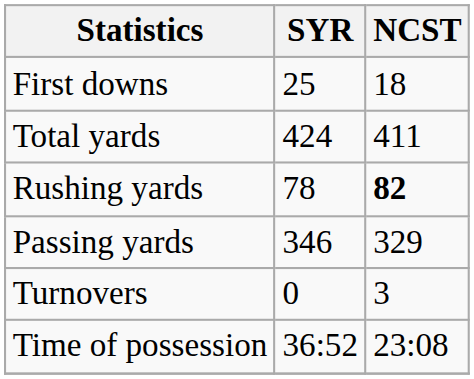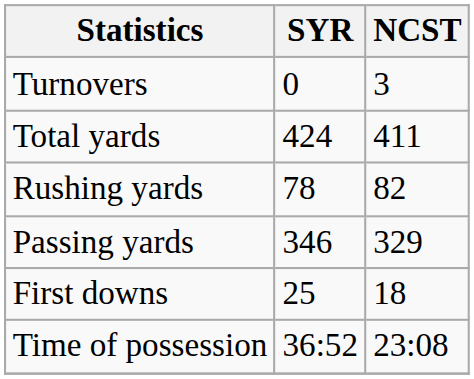 <table class="wikitable" style="float: left;">
 <tr>
 <th>Statistics</th>
 <th>SYR</th>
 <th>NCST</th>
 </tr>
 <tr>
-<td>First downs</td>
-<td>25</td>
-<td>18</td>
+<td>Turnovers</td>
+<td>0</td>
+<td>3</td>
 </tr>
 <tr>
 <td>Total yards</td>
 <td>424</td>
 <td>411</td>
 </tr>
 <tr>
 <td>Rushing yards</td>
 <td>78</td>
-<td><strong>82</strong></td>
+<td>82</td>
 </tr>
 <tr>
 <td>Passing yards</td>
 <td>346</td>
 <td>329</td>
 </tr>
 <tr>
-<td>Turnovers</td>
-<td>0</td>
-<td>3</td>
+<td>First downs</td>
+<td>25</td>
+<td>18</td>
 </tr>
 <tr>
 <td>Time of possession</td>
 <td>36:52</td>
 <td>23:08</td>
 </tr>
 <tr>
 </tr>
 </table>
